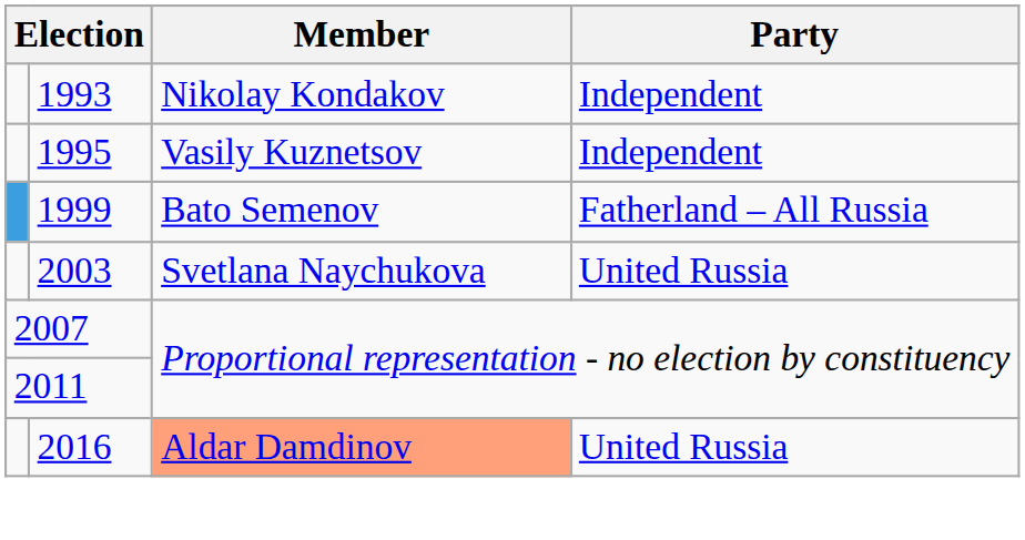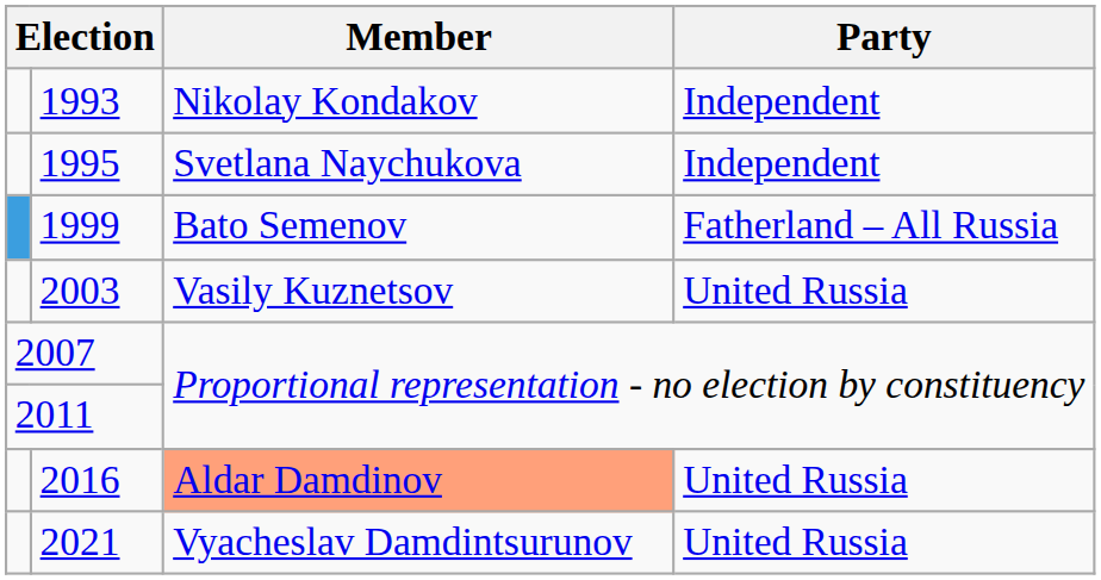 <table class="wikitable">
 <tr>
 <th colspan="2">Election</th>
 <th>Member</th>
 <th>Party</th>
 </tr>
 <tr>
 <td style="background-color:"></td>
 <td><a href='#'>1993</a></td>
 <td><a href='#'>Nikolay Kondakov</a></td>
 <td><a href='#'>Independent</a></td>
 </tr>
 <tr>
 <td style="background-color:"></td>
 <td><a href='#'>1995</a></td>
-<td><a href='#'>Vasily Kuznetsov</a></td>
+<td><a href='#'>Svetlana Naychukova</a></td>
 <td><a href='#'>Independent</a></td>
 </tr>
 <tr>
 <td style="background-color:#3B9EDF"></td>
 <td><a href='#'>1999</a></td>
 <td><a href='#'>Bato Semenov</a></td>
 <td><a href='#'>Fatherland – All Russia</a></td>
 </tr>
 <tr>
 <td style="background-color:"></td>
 <td><a href='#'>2003</a></td>
-<td><a href='#'>Svetlana Naychukova</a></td>
+<td><a href='#'>Vasily Kuznetsov</a></td>
 <td><a href='#'>United Russia</a></td>
 </tr>
 <tr>
 <td colspan=2><a href='#'>2007</a></td>
 <td colspan=2 rowspan=2><em><a href='#'>Proportional representation</a> - no election by constituency</em></td>
 </tr>
 <tr>
 <td colspan=2><a href='#'>2011</a></td>
 </tr>
 <tr>
 <td style="background-color:"></td>
 <td><a href='#'>2016</a></td>
 <td style="background: lightsalmon;"><a href='#'>Aldar Damdinov</a></td>
 <td><a href='#'>United Russia</a></td>
 </tr>
+<tr>
+<td style="background-color:"></td>
+<td><a href='#'>2021</a></td>
+<td><a href='#'>Vyacheslav Damdintsurunov</a></td>
+<td><a href='#'>United Russia</a></td>
+</tr>
 </table>
